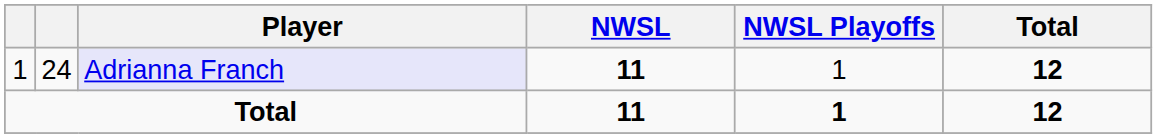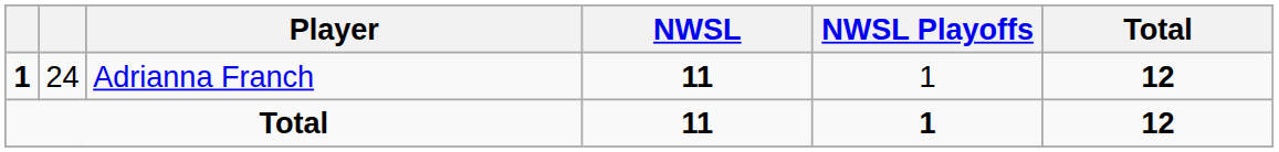 <table class="wikitable sortable" style="font-size: 95%; text-align: center;">
 <tr>
 <th width=10></th>
 <th width=10></th>
 <th width=245>Player</th>
 <th width=110><a href='#'>NWSL</a></th>
 <th width=110><a href='#'>NWSL Playoffs</a></th>
 <th width=110>Total</th>
 </tr>
 <tr>
-<td>1</td>
+<td><strong>1</strong></td>
 <td>24</td>
-<td align=left style="background: lavender;"> <a href='#'>Adrianna Franch</a></td>
+<td align=left> <a href='#'>Adrianna Franch</a></td>
 <td><strong>11</strong></td>
 <td>1</td>
 <td><strong>12</strong></td>
 </tr>
 <tr>
 <td colspan="3"><strong>Total</strong></td>
 <td><strong>11</strong></td>
 <td><strong>1</strong></td>
 <td><strong>12</strong></td>
 </tr>
 </table>
